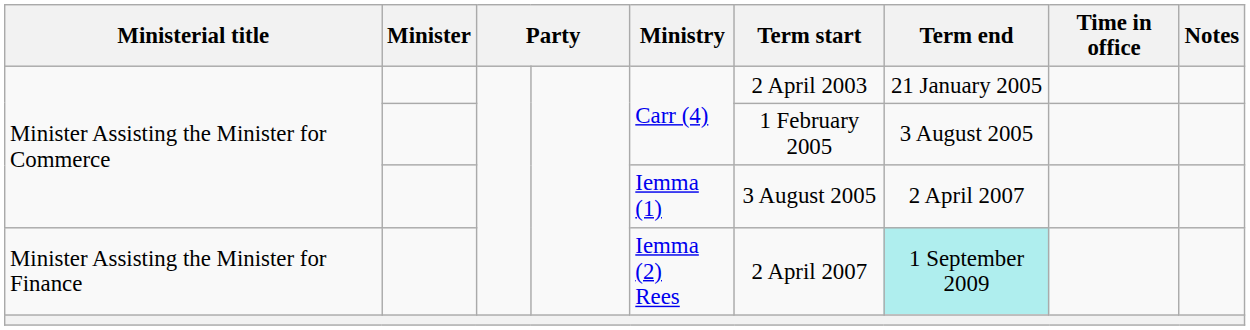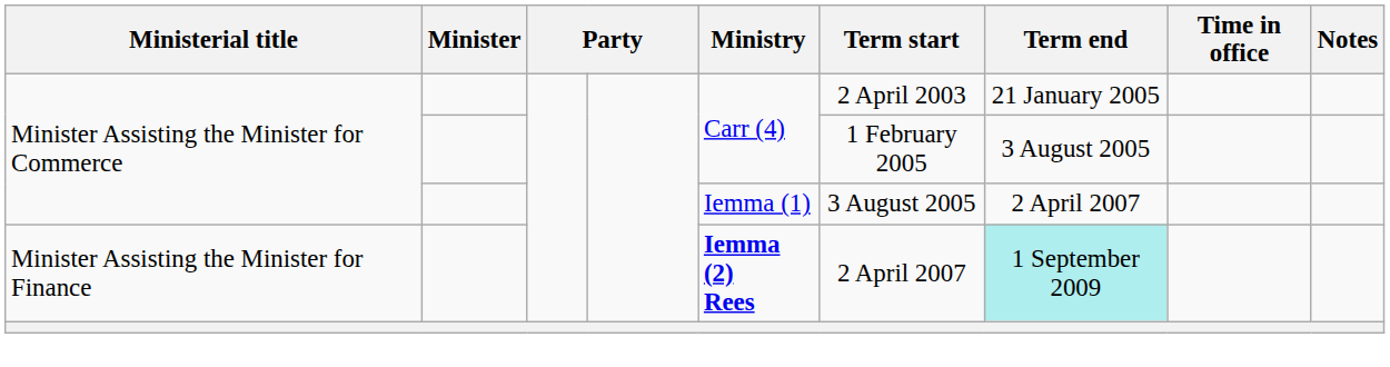 <table class="wikitable sortable">
 <tr>
 <th>Ministerial title</th>
 <th>Minister</th>
 <th colspan=2>Party</th>
 <th>Ministry</th>
 <th>Term start</th>
 <th>Term end</th>
 <th>Time in office</th>
 <th class="unsortable">Notes</th>
 </tr>
 <tr>
 <td rowspan=3>Minister Assisting the Minister for Commerce</td>
 <td></td>
 <td rowspan=4 > </td>
 <td rowspan=4 width=8%></td>
 <td rowspan=2><a href='#'>Carr (4)</a></td>
 <td align=center>2 April 2003</td>
 <td align=center>21 January 2005</td>
 <td align=right></td>
 <td></td>
 </tr>
 <tr>
 <td></td>
 <td align=center>1 February 2005</td>
 <td align=center>3 August 2005</td>
 <td align=right></td>
 <td></td>
 </tr>
 <tr>
 <td></td>
 <td><a href='#'>Iemma (1)</a></td>
 <td align=center>3 August 2005</td>
 <td align=center>2 April 2007</td>
 <td align=right></td>
 <td></td>
 </tr>
 <tr>
 <td>Minister Assisting the Minister for Finance</td>
 <td></td>
-<td><a href='#'>Iemma (2)</a><br><a href='#'>Rees</a></td>
+<td><strong><a href='#'>Iemma (2)</a><br><a href='#'>Rees</a></strong></td>
 <td align=center>2 April 2007</td>
 <td align=center style="background: paleturquoise;">1 September 2009</td>
 <td align=right></td>
 <td></td>
 </tr>
 <tr>
 <th colspan="9"></th>
 </tr>
 </table>
